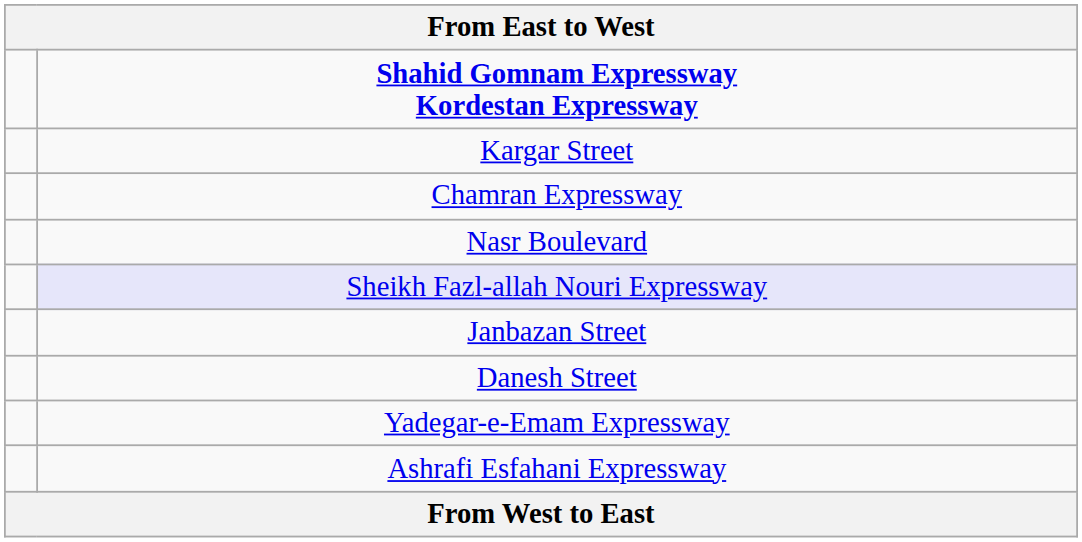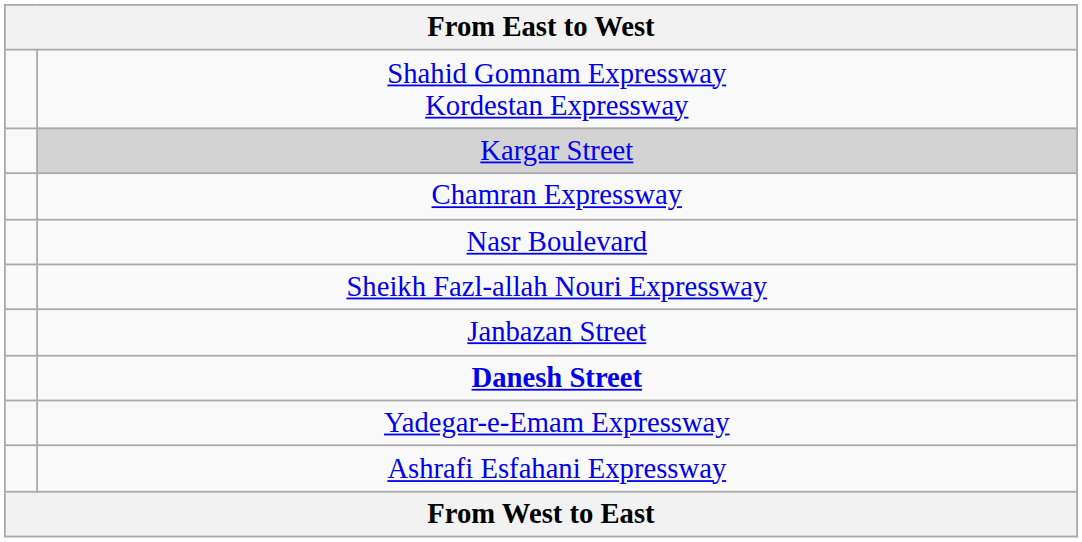 <table class="wikitable" style="text-align:center" width="600px">
 <tr>
 <th text-align="center" colspan="3"> From East to West </th>
 </tr>
 <tr>
 <td><br></td>
-<td><strong> <a href='#'>Shahid Gomnam Expressway</a><br> <a href='#'>Kordestan Expressway</a></strong></td>
+<td> <a href='#'>Shahid Gomnam Expressway</a><br> <a href='#'>Kordestan Expressway</a></td>
 </tr>
 <tr>
 <td></td>
-<td> <a href='#'>Kargar Street</a></td>
+<td style="background: lightgrey;"> <a href='#'>Kargar Street</a></td>
 </tr>
 <tr>
 <td></td>
 <td> <a href='#'>Chamran Expressway</a></td>
 </tr>
 <tr>
 <td></td>
 <td> <a href='#'>Nasr Boulevard</a></td>
 </tr>
 <tr>
 <td></td>
-<td style="background: lavender;"> <a href='#'>Sheikh Fazl-allah Nouri Expressway</a></td>
+<td> <a href='#'>Sheikh Fazl-allah Nouri Expressway</a></td>
 </tr>
 <tr>
 <td></td>
 <td> <a href='#'>Janbazan Street</a></td>
 </tr>
 <tr>
 <td></td>
-<td> <a href='#'>Danesh Street</a></td>
+<td><strong> <a href='#'>Danesh Street</a></strong></td>
 </tr>
 <tr>
 <td><br></td>
 <td> <a href='#'>Yadegar-e-Emam Expressway</a></td>
 </tr>
 <tr>
 <td><br></td>
 <td> <a href='#'>Ashrafi Esfahani Expressway</a></td>
 </tr>
 <tr>
 <th text-align="center" colspan="3"> From West to East </th>
 </tr>
 </table>
